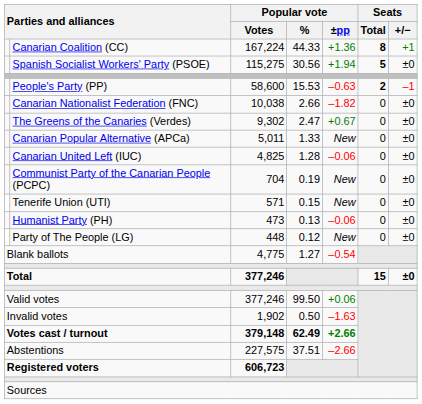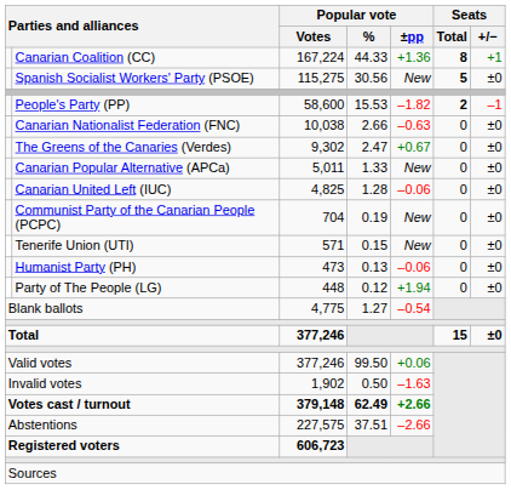 <table class="wikitable" style="text-align:right;">
 <tr>
 <th style="text-align:left;" rowspan="2" colspan="2" width="525">Parties and alliances</th>
 <th colspan="3">Popular vote</th>
 <th colspan="2">Seats</th>
 </tr>
 <tr>
 <th width="75">Votes</th>
 <th width="45">%</th>
 <th width="45">±<a href='#'>pp</a></th>
 <th width="35">Total</th>
 <th width="35">+/−</th>
 </tr>
 <tr>
 <td width="1" style="color:inherit;background:"></td>
 <td align="left"><a href='#'>Canarian Coalition</a> (CC)</td>
 <td>167,224</td>
 <td>44.33</td>
 <td style="color:green;">+1.36</td>
 <td><strong>8</strong></td>
 <td style="color:green;">+1</td>
 </tr>
 <tr>
 <td style="color:inherit;background:"></td>
 <td align="left"><a href='#'>Spanish Socialist Workers' Party</a> (PSOE)</td>
 <td>115,275</td>
 <td>30.56</td>
-<td style="color:green;">+1.94</td>
+<td><em>New</em></td>
 <td><strong>5</strong></td>
 <td>±0</td>
 </tr>
 <tr>
 <td colspan="7" bgcolor="#C0C0C0"></td>
 </tr>
 <tr>
 <td style="color:inherit;background:"></td>
 <td align="left"><a href='#'>People's Party</a> (PP)</td>
 <td>58,600</td>
 <td>15.53</td>
-<td style="color:red;">–0.63</td>
+<td style="color:red;">–1.82</td>
 <td><strong>2</strong></td>
 <td style="color:red;">–1</td>
 </tr>
 <tr>
 <td style="color:inherit;background:"></td>
 <td align="left"><a href='#'>Canarian Nationalist Federation</a> (FNC)</td>
 <td>10,038</td>
 <td>2.66</td>
-<td style="color:red;">–1.82</td>
+<td style="color:red;">–0.63</td>
 <td>0</td>
 <td>±0</td>
 </tr>
 <tr>
 <td style="color:inherit;background:"></td>
 <td align="left"><a href='#'>The Greens of the Canaries</a> (Verdes)</td>
 <td>9,302</td>
 <td>2.47</td>
 <td style="color:green;">+0.67</td>
 <td>0</td>
 <td>±0</td>
 </tr>
 <tr>
 <td style="color:inherit;background:"></td>
 <td align="left"><a href='#'>Canarian Popular Alternative</a> (APCa)</td>
 <td>5,011</td>
 <td>1.33</td>
 <td><em>New</em></td>
 <td>0</td>
 <td>±0</td>
 </tr>
 <tr>
 <td style="color:inherit;background:"></td>
 <td align="left"><a href='#'>Canarian United Left</a> (IUC)</td>
 <td>4,825</td>
 <td>1.28</td>
 <td style="color:red;">–0.06</td>
 <td>0</td>
 <td>±0</td>
 </tr>
 <tr>
 <td style="color:inherit;background:"></td>
 <td align="left"><a href='#'>Communist Party of the Canarian People</a> (PCPC)</td>
 <td>704</td>
 <td>0.19</td>
 <td><em>New</em></td>
 <td>0</td>
 <td>±0</td>
 </tr>
 <tr>
 <td bgcolor="white"></td>
 <td align="left">Tenerife Union (UTI)</td>
 <td>571</td>
 <td>0.15</td>
 <td><em>New</em></td>
 <td>0</td>
 <td>±0</td>
 </tr>
 <tr>
 <td style="color:inherit;background:"></td>
 <td align="left"><a href='#'>Humanist Party</a> (PH)</td>
 <td>473</td>
 <td>0.13</td>
 <td style="color:red;">–0.06</td>
 <td>0</td>
 <td>±0</td>
 </tr>
 <tr>
 <td bgcolor="white"></td>
 <td align="left">Party of The People (LG)</td>
 <td>448</td>
 <td>0.12</td>
-<td><em>New</em></td>
+<td style="color:green;">+1.94</td>
 <td>0</td>
 <td>±0</td>
 </tr>
 <tr>
 <td align="left" colspan="2">Blank ballots</td>
 <td>4,775</td>
 <td>1.27</td>
 <td style="color:red;">–0.54</td>
 <td bgcolor="#E9E9E9" colspan="2"></td>
 </tr>
 <tr>
 <td colspan="7" bgcolor="#E9E9E9"></td>
 </tr>
 <tr style="font-weight:bold;">
 <td align="left" colspan="2">Total</td>
 <td>377,246</td>
 <td bgcolor="#E9E9E9" colspan="2"></td>
 <td>15</td>
 <td>±0</td>
 </tr>
 <tr>
 <td colspan="7" bgcolor="#E9E9E9"></td>
 </tr>
 <tr>
 <td align="left" colspan="2">Valid votes</td>
 <td>377,246</td>
 <td>99.50</td>
 <td style="color:green;">+0.06</td>
 <td bgcolor="#E9E9E9" colspan="2" rowspan="5"></td>
 </tr>
 <tr>
 <td align="left" colspan="2">Invalid votes</td>
 <td>1,902</td>
 <td>0.50</td>
 <td style="color:red;">–1.63</td>
 </tr>
 <tr style="font-weight:bold;">
 <td align="left" colspan="2">Votes cast / turnout</td>
 <td>379,148</td>
 <td>62.49</td>
 <td style="color:green;">+2.66</td>
 </tr>
 <tr>
 <td align="left" colspan="2">Abstentions</td>
 <td>227,575</td>
 <td>37.51</td>
 <td style="color:red;">–2.66</td>
 </tr>
 <tr style="font-weight:bold;">
 <td align="left" colspan="2">Registered voters</td>
 <td>606,723</td>
 <td bgcolor="#E9E9E9" colspan="2"></td>
 </tr>
 <tr>
 <td colspan="7" bgcolor="#E9E9E9"></td>
 </tr>
 <tr>
 <td align="left" colspan="7">Sources</td>
 </tr>
 </table>
